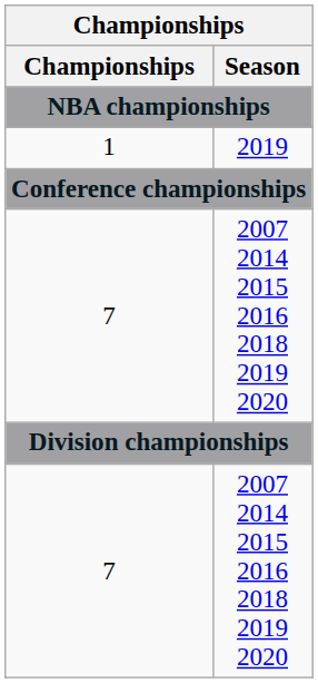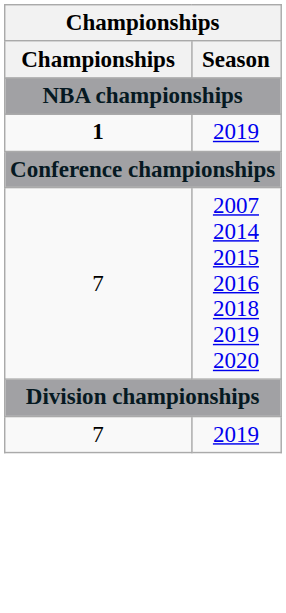 <table class="wikitable" style="text-align:center">
 <tr>
 <th colspan="2">Championships</th>
 </tr>
 <tr>
 <th>Championships</th>
 <th>Season</th>
 </tr>
 <tr>
 <th colspan="2" style="text-align:center; background:#A1A1A4; color:#061922;">NBA championships</th>
 </tr>
 <tr>
-<td>1</td>
+<td><strong>1</strong></td>
 <td><a href='#'>2019</a></td>
 </tr>
 <tr>
 <th colspan="2" style="text-align:center; background:#A1A1A4; color:#061922;">Conference championships</th>
 </tr>
 <tr>
 <td>7</td>
 <td><a href='#'>2007</a><br><a href='#'>2014</a><br><a href='#'>2015</a><br><a href='#'>2016</a><br><a href='#'>2018</a><br><a href='#'>2019</a><br><a href='#'>2020</a></td>
 </tr>
 <tr>
 <th colspan="2" style="text-align:center; background:#A1A1A4; color:#061922;">Division championships</th>
 </tr>
 <tr>
 <td>7</td>
-<td><a href='#'>2007</a><br><a href='#'>2014</a><br><a href='#'>2015</a><br><a href='#'>2016</a><br><a href='#'>2018</a><br><a href='#'>2019</a><br><a href='#'>2020</a></td>
+<td><a href='#'>2019</a></td>
 </tr>
 </table>
